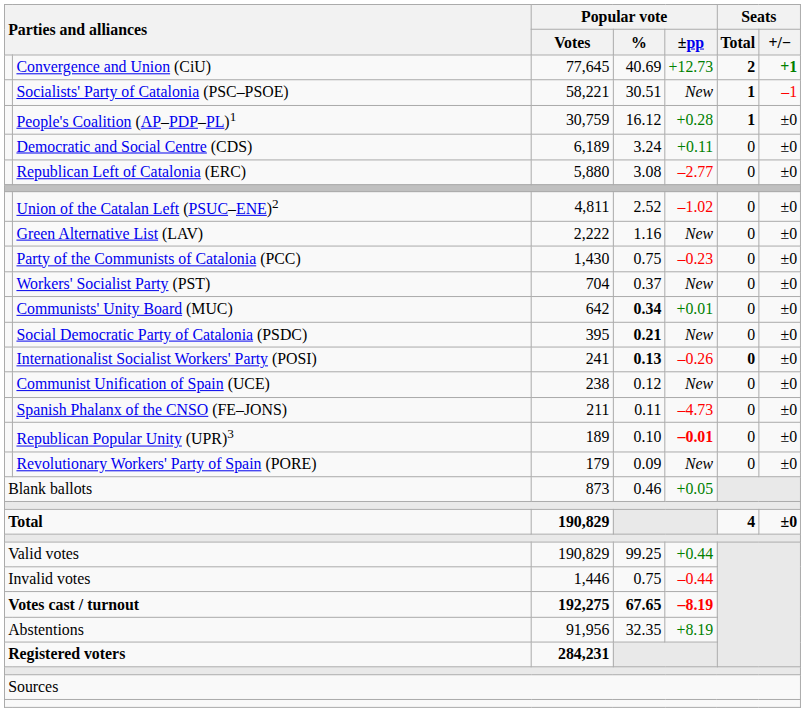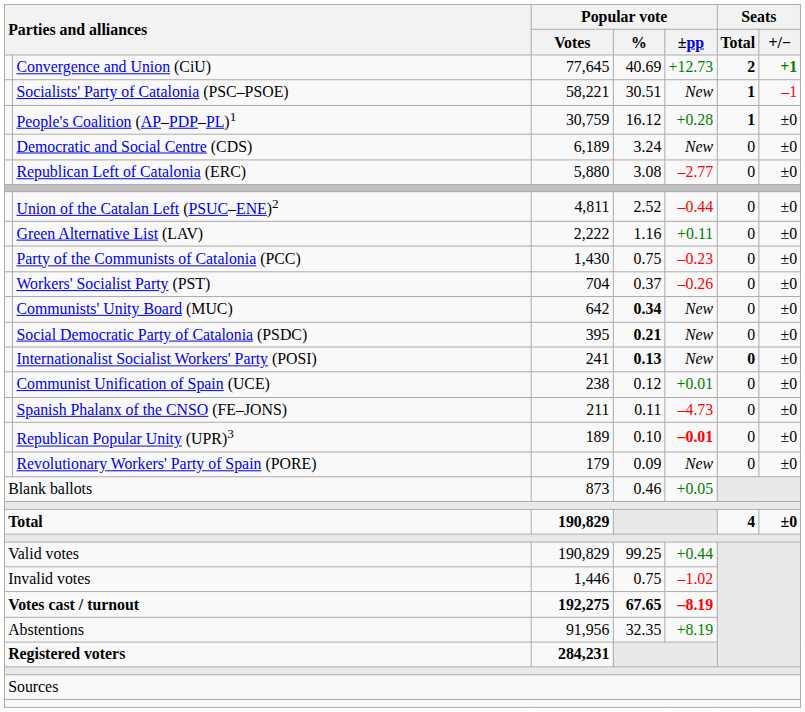 <table class="wikitable" style="text-align:right;">
 <tr>
 <th style="text-align:left;" rowspan="2" colspan="2" width="525">Parties and alliances</th>
 <th colspan="3">Popular vote</th>
 <th colspan="2">Seats</th>
 </tr>
 <tr>
 <th width="75">Votes</th>
 <th width="45">%</th>
 <th width="45">±<a href='#'>pp</a></th>
 <th width="35">Total</th>
 <th width="35">+/−</th>
 </tr>
 <tr>
 <td width="1" style="color:inherit;background:"></td>
 <td align="left"><a href='#'>Convergence and Union</a> (CiU)</td>
 <td>77,645</td>
 <td>40.69</td>
 <td style="color:green;">+12.73</td>
 <td><strong>2</strong></td>
 <td style="color:green;"><strong>+1</strong></td>
 </tr>
 <tr>
 <td style="color:inherit;background:"></td>
 <td align="left"><a href='#'>Socialists' Party of Catalonia</a> (PSC–PSOE)</td>
 <td>58,221</td>
 <td>30.51</td>
 <td><em>New</em></td>
 <td><strong>1</strong></td>
 <td style="color:red;">–1</td>
 </tr>
 <tr>
 <td style="color:inherit;background:"></td>
 <td align="left"><a href='#'>People's Coalition</a> (<a href='#'>AP</a>–<a href='#'>PDP</a>–<a href='#'>PL</a>)<sup>1</sup></td>
 <td>30,759</td>
 <td>16.12</td>
 <td style="color:green;">+0.28</td>
 <td><strong>1</strong></td>
 <td>±0</td>
 </tr>
 <tr>
 <td style="color:inherit;background:"></td>
 <td align="left"><a href='#'>Democratic and Social Centre</a> (CDS)</td>
 <td>6,189</td>
 <td>3.24</td>
-<td style="color:green;">+0.11</td>
+<td><em>New</em></td>
 <td>0</td>
 <td>±0</td>
 </tr>
 <tr>
 <td style="color:inherit;background:"></td>
 <td align="left"><a href='#'>Republican Left of Catalonia</a> (ERC)</td>
 <td>5,880</td>
 <td>3.08</td>
 <td style="color:red;">–2.77</td>
 <td>0</td>
 <td>±0</td>
 </tr>
 <tr>
 <td colspan="7" bgcolor="#C0C0C0"></td>
 </tr>
 <tr>
 <td style="color:inherit;background:"></td>
 <td align="left"><a href='#'>Union of the Catalan Left</a> (<a href='#'>PSUC</a>–<a href='#'>ENE</a>)<sup>2</sup></td>
 <td>4,811</td>
 <td>2.52</td>
-<td style="color:red;">–1.02</td>
+<td style="color:red;">–0.44</td>
 <td>0</td>
 <td>±0</td>
 </tr>
 <tr>
 <td style="color:inherit;background:"></td>
 <td align="left"><a href='#'>Green Alternative List</a> (LAV)</td>
 <td>2,222</td>
 <td>1.16</td>
-<td><em>New</em></td>
+<td style="color:green;">+0.11</td>
 <td>0</td>
 <td>±0</td>
 </tr>
 <tr>
 <td style="color:inherit;background:"></td>
 <td align="left"><a href='#'>Party of the Communists of Catalonia</a> (PCC)</td>
 <td>1,430</td>
 <td>0.75</td>
 <td style="color:red;">–0.23</td>
 <td>0</td>
 <td>±0</td>
 </tr>
 <tr>
 <td style="color:inherit;background:"></td>
 <td align="left"><a href='#'>Workers' Socialist Party</a> (PST)</td>
 <td>704</td>
 <td>0.37</td>
-<td><em>New</em></td>
+<td style="color:red;">–0.26</td>
 <td>0</td>
 <td>±0</td>
 </tr>
 <tr>
 <td style="color:inherit;background:"></td>
 <td align="left"><a href='#'>Communists' Unity Board</a> (MUC)</td>
 <td>642</td>
 <td><strong>0.34</strong></td>
-<td style="color:green;">+0.01</td>
+<td><em>New</em></td>
 <td>0</td>
 <td>±0</td>
 </tr>
 <tr>
 <td style="color:inherit;background:"></td>
 <td align="left"><a href='#'>Social Democratic Party of Catalonia</a> (PSDC)</td>
 <td>395</td>
 <td><strong>0.21</strong></td>
 <td><em>New</em></td>
 <td>0</td>
 <td>±0</td>
 </tr>
 <tr>
 <td style="color:inherit;background:"></td>
 <td align="left"><a href='#'>Internationalist Socialist Workers' Party</a> (POSI)</td>
 <td>241</td>
 <td><strong>0.13</strong></td>
-<td style="color:red;">–0.26</td>
+<td><em>New</em></td>
 <td><strong>0</strong></td>
 <td>±0</td>
 </tr>
 <tr>
 <td style="color:inherit;background:"></td>
 <td align="left"><a href='#'>Communist Unification of Spain</a> (UCE)</td>
 <td>238</td>
 <td>0.12</td>
-<td><em>New</em></td>
+<td style="color:green;">+0.01</td>
 <td>0</td>
 <td>±0</td>
 </tr>
 <tr>
 <td style="color:inherit;background:"></td>
 <td align="left"><a href='#'>Spanish Phalanx of the CNSO</a> (FE–JONS)</td>
 <td>211</td>
 <td>0.11</td>
 <td style="color:red;">–4.73</td>
 <td>0</td>
 <td>±0</td>
 </tr>
 <tr>
 <td style="color:inherit;background:"></td>
 <td align="left"><a href='#'>Republican Popular Unity</a> (UPR)<sup>3</sup></td>
 <td>189</td>
 <td>0.10</td>
 <td style="color:red;"><strong>–0.01</strong></td>
 <td>0</td>
 <td>±0</td>
 </tr>
 <tr>
 <td style="color:inherit;background:"></td>
 <td align="left"><a href='#'>Revolutionary Workers' Party of Spain</a> (PORE)</td>
 <td>179</td>
 <td>0.09</td>
 <td><em>New</em></td>
 <td>0</td>
 <td>±0</td>
 </tr>
 <tr>
 <td align="left" colspan="2">Blank ballots</td>
 <td>873</td>
 <td>0.46</td>
 <td style="color:green;">+0.05</td>
 <td bgcolor="#E9E9E9" colspan="2"></td>
 </tr>
 <tr>
 <td colspan="7" bgcolor="#E9E9E9"></td>
 </tr>
 <tr style="font-weight:bold;">
 <td align="left" colspan="2">Total</td>
 <td>190,829</td>
 <td bgcolor="#E9E9E9" colspan="2"></td>
 <td>4</td>
 <td>±0</td>
 </tr>
 <tr>
 <td colspan="7" bgcolor="#E9E9E9"></td>
 </tr>
 <tr>
 <td align="left" colspan="2">Valid votes</td>
 <td>190,829</td>
 <td>99.25</td>
 <td style="color:green;">+0.44</td>
 <td bgcolor="#E9E9E9" colspan="2" rowspan="5"></td>
 </tr>
 <tr>
 <td align="left" colspan="2">Invalid votes</td>
 <td>1,446</td>
 <td>0.75</td>
-<td style="color:red;">–0.44</td>
+<td style="color:red;">–1.02</td>
 </tr>
 <tr style="font-weight:bold;">
 <td align="left" colspan="2">Votes cast / turnout</td>
 <td>192,275</td>
 <td>67.65</td>
 <td style="color:red;">–8.19</td>
 </tr>
 <tr>
 <td align="left" colspan="2">Abstentions</td>
 <td>91,956</td>
 <td>32.35</td>
 <td style="color:green;">+8.19</td>
 </tr>
 <tr style="font-weight:bold;">
 <td align="left" colspan="2">Registered voters</td>
 <td>284,231</td>
 <td bgcolor="#E9E9E9" colspan="2"></td>
 </tr>
 <tr>
 <td colspan="7" bgcolor="#E9E9E9"></td>
 </tr>
 <tr>
 <td align="left" colspan="7">Sources</td>
 </tr>
 <tr>
 <td colspan="7" style="text-align:left; max-width:790px;"></td>
 </tr>
 </table>
